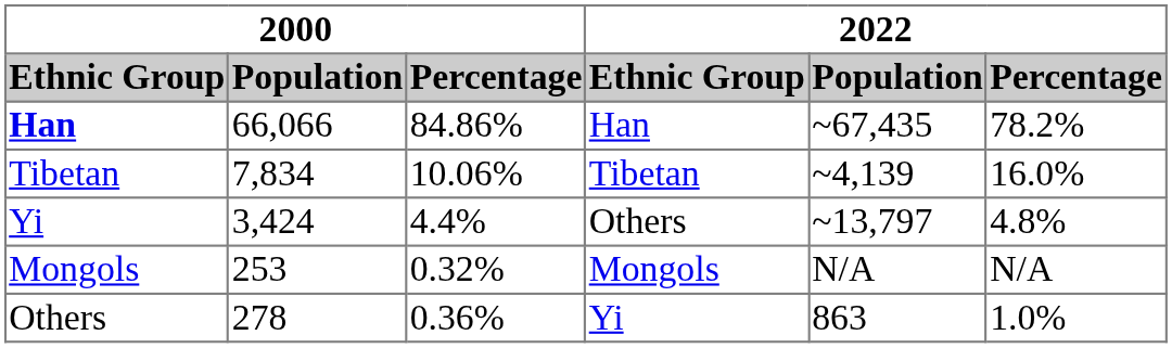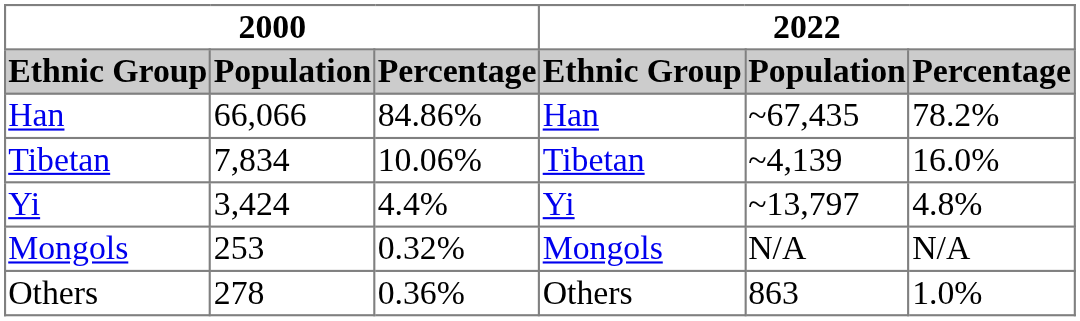 <table border="1" style="border-collapse: collapse;">
 <tr>
 <th colspan="3">2000</th>
 <th colspan="3">2022</th>
 </tr>
 <tr bgcolor="cccccc">
 <th>Ethnic Group</th>
 <th>Population</th>
 <th>Percentage</th>
 <th>Ethnic Group</th>
 <th>Population</th>
 <th>Percentage</th>
 </tr>
 <tr>
-<td><strong><a href='#'>Han</a></strong></td>
+<td><a href='#'>Han</a></td>
 <td>66,066</td>
 <td>84.86%</td>
 <td><a href='#'>Han</a></td>
 <td>~67,435</td>
 <td>78.2%</td>
 </tr>
 <tr>
 <td><a href='#'>Tibetan</a></td>
 <td>7,834</td>
 <td>10.06%</td>
 <td><a href='#'>Tibetan</a></td>
 <td>~4,139</td>
 <td>16.0%</td>
 </tr>
 <tr>
 <td><a href='#'>Yi</a></td>
 <td>3,424</td>
 <td>4.4%</td>
-<td>Others</td>
+<td><a href='#'>Yi</a></td>
 <td>~13,797</td>
 <td>4.8%</td>
 </tr>
 <tr>
 <td><a href='#'>Mongols</a></td>
 <td>253</td>
 <td>0.32%</td>
 <td><a href='#'>Mongols</a></td>
 <td>N/A</td>
 <td>N/A</td>
 </tr>
 <tr>
 <td>Others</td>
 <td>278</td>
 <td>0.36%</td>
-<td><a href='#'>Yi</a></td>
+<td>Others</td>
 <td>863</td>
 <td>1.0%</td>
 </tr>
 </table>
